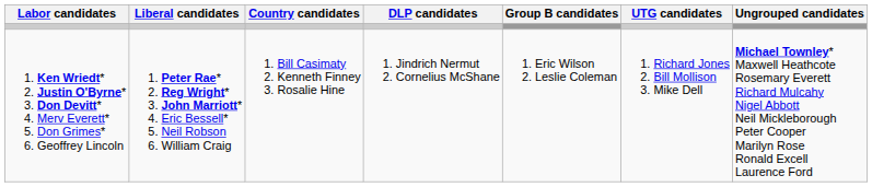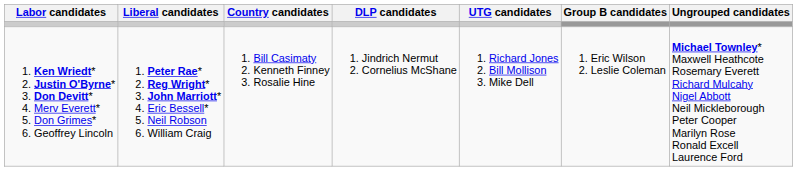 <table class="wikitable">
 <tr>
 <th><a href='#'>Labor</a> candidates</th>
 <th><a href='#'>Liberal</a> candidates</th>
 <th><a href='#'>Country</a> candidates</th>
 <th><a href='#'>DLP</a> candidates</th>
+<th><a href='#'>UTG</a> candidates</th>
 <th>Group B candidates</th>
-<th><a href='#'>UTG</a> candidates</th>
 <th>Ungrouped candidates</th>
 </tr>
 <tr bgcolor="#cccccc">
 <td></td>
 <td></td>
 <td></td>
 <td></td>
+<td></td>
 <td bgcolor="#999999"></td>
-<td></td>
 <td bgcolor="#999999"></td>
 </tr>
 <tr>
 <td><br><ol><li><strong><a href='#'>Ken Wriedt</a></strong>*</li><li><strong><a href='#'>Justin O'Byrne</a></strong>*</li><li><strong><a href='#'>Don Devitt</a></strong>*</li><li><a href='#'>Merv Everett</a>*</li><li><a href='#'>Don Grimes</a>*</li><li>Geoffrey Lincoln</li></ol></td>
 <td><br><ol><li><strong><a href='#'>Peter Rae</a></strong>*</li><li><strong><a href='#'>Reg Wright</a></strong>*</li><li><strong><a href='#'>John Marriott</a></strong>*</li><li><a href='#'>Eric Bessell</a>*</li><li><a href='#'>Neil Robson</a></li><li>William Craig</li></ol></td>
 <td valign=top><br><ol><li><a href='#'>Bill Casimaty</a></li><li>Kenneth Finney</li><li>Rosalie Hine</li></ol></td>
 <td valign=top><br><ol><li>Jindrich Nermut</li><li>Cornelius McShane</li></ol></td>
+<td valign=top><br><ol><li><a href='#'>Richard Jones</a></li><li><a href='#'>Bill Mollison</a></li><li>Mike Dell</li></ol></td>
 <td valign=top><br><ol><li>Eric Wilson</li><li>Leslie Coleman</li></ol></td>
-<td valign=top><br><ol><li><a href='#'>Richard Jones</a></li><li><a href='#'>Bill Mollison</a></li><li>Mike Dell</li></ol></td>
 <td><br><strong><a href='#'>Michael Townley</a></strong>*<br> Maxwell Heathcote<br> Rosemary Everett<br> <a href='#'>Richard Mulcahy</a><br> <a href='#'>Nigel Abbott</a><br> Neil Mickleborough<br> Peter Cooper<br> Marilyn Rose<br> Ronald Excell<br> Laurence Ford</td>
 </tr>
 </table>
